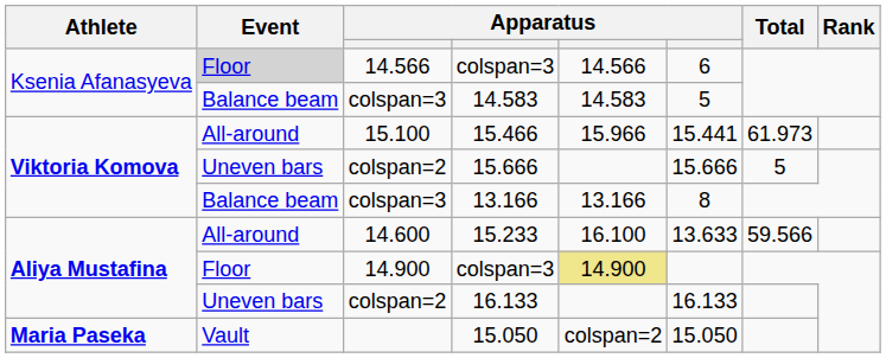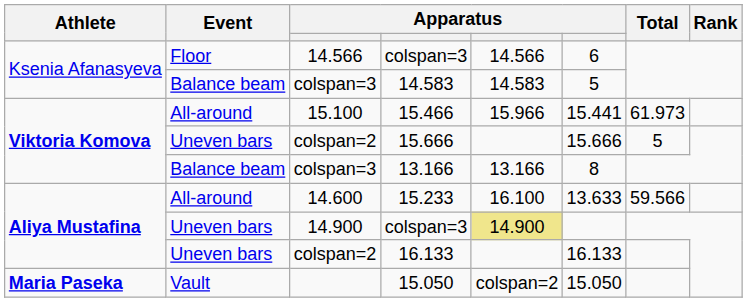 <table class="wikitable" style="font-size:90%">
 <tr>
 <th rowspan=2>Athlete</th>
 <th rowspan=2>Event</th>
 <th colspan =4>Apparatus</th>
 <th rowspan=2>Total</th>
 <th rowspan=2>Rank</th>
 </tr>
 <tr style="font-size:95%">
 <th></th>
 <th></th>
 <th></th>
 <th></th>
 </tr>
 <tr align=center>
 <td align=left rowspan=2><a href='#'>Ksenia Afanasyeva</a></td>
-<td align=left style="background: lightgrey;"><a href='#'>Floor</a></td>
+<td align=left><a href='#'>Floor</a></td>
 <td>14.566</td>
 <td>colspan=3 </td>
 <td>14.566</td>
 <td>6</td>
 </tr>
 <tr align=center>
 <td align=left><a href='#'>Balance beam</a></td>
 <td>colspan=3 </td>
 <td>14.583</td>
 <td>14.583</td>
 <td>5</td>
 </tr>
 <tr align=center>
 <td align=left rowspan=3><strong><a href='#'>Viktoria Komova</a></strong></td>
 <td align=left><a href='#'>All-around</a></td>
 <td>15.100</td>
 <td>15.466</td>
 <td>15.966</td>
 <td>15.441</td>
 <td>61.973</td>
 <td></td>
 </tr>
 <tr align=center>
 <td align=left><a href='#'>Uneven bars</a></td>
 <td>colspan=2 </td>
 <td>15.666</td>
 <td></td>
 <td>15.666</td>
 <td>5</td>
 </tr>
 <tr align=center>
 <td align=left><a href='#'>Balance beam</a></td>
 <td>colspan=3 </td>
 <td>13.166</td>
 <td>13.166</td>
 <td>8</td>
 </tr>
 <tr align=center>
 <td align=left rowspan=3><strong><a href='#'>Aliya Mustafina</a></strong></td>
 <td align=left><a href='#'>All-around</a></td>
 <td>14.600</td>
 <td>15.233</td>
 <td>16.100</td>
 <td>13.633</td>
 <td>59.566</td>
 <td></td>
 </tr>
 <tr align=center>
-<td align=left><a href='#'>Floor</a></td>
+<td align=left><a href='#'>Uneven bars</a></td>
 <td>14.900</td>
 <td>colspan=3 </td>
 <td style="background: khaki;">14.900</td>
 <td></td>
 </tr>
 <tr align=center>
 <td align=left><a href='#'>Uneven bars</a></td>
 <td>colspan=2 </td>
 <td>16.133</td>
 <td></td>
 <td>16.133</td>
 <td></td>
 </tr>
 <tr align=center>
 <td align=left><strong><a href='#'>Maria Paseka</a></strong></td>
 <td align=left><a href='#'>Vault</a></td>
 <td></td>
 <td>15.050</td>
 <td>colspan=2 </td>
 <td>15.050</td>
 <td></td>
 </tr>
 </table>
